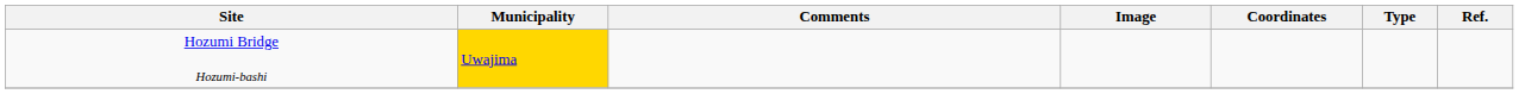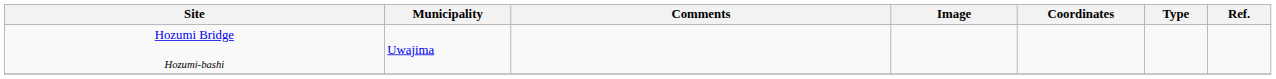 <table class="wikitable sortable"  style="width:100%;">
 <tr>
 <th width="30%" align="left">Site</th>
 <th width="10%" align="left">Municipality</th>
 <th width="30%" align="left" class="unsortable">Comments</th>
 <th width="10%" align="left"  class="unsortable">Image</th>
 <th width="10%" align="left" class="unsortable">Coordinates</th>
 <th width="5%" align="left">Type</th>
 <th width="5%" align="left"  class="unsortable">Ref.</th>
 </tr>
 <tr>
 <td align="center"><a href='#'>Hozumi Bridge</a><br><br><small><em>Hozumi-bashi</em></small></td>
-<td style="background: gold;"><a href='#'>Uwajima</a></td>
+<td><a href='#'>Uwajima</a></td>
 <td></td>
 <td></td>
 <td></td>
 <td></td>
 <td></td>
 </tr>
 <tr>
 </tr>
 </table>
